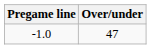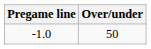 <table class="wikitable" style="margin-left: auto; margin-right: auto; border: none; display: inline-table;">
 <tr align="center">
 <th style=>Pregame line</th>
 <th style=>Over/under</th>
 </tr>
 <tr align="center">
 <td>-1.0</td>
-<td>47</td>
+<td>50</td>
 </tr>
 </table>
